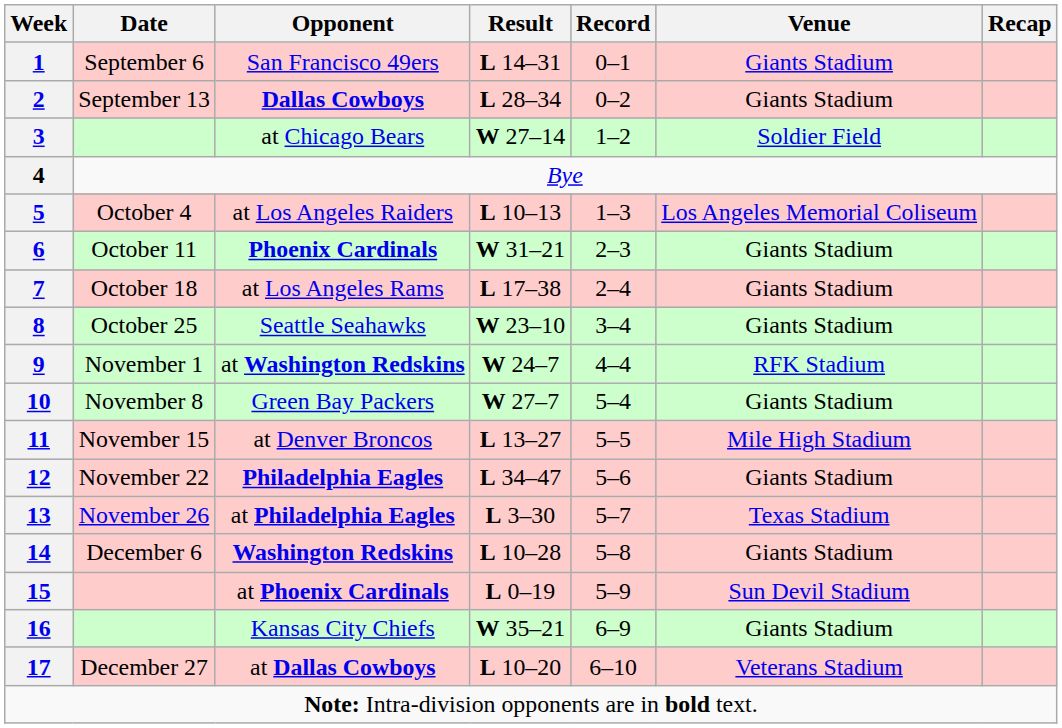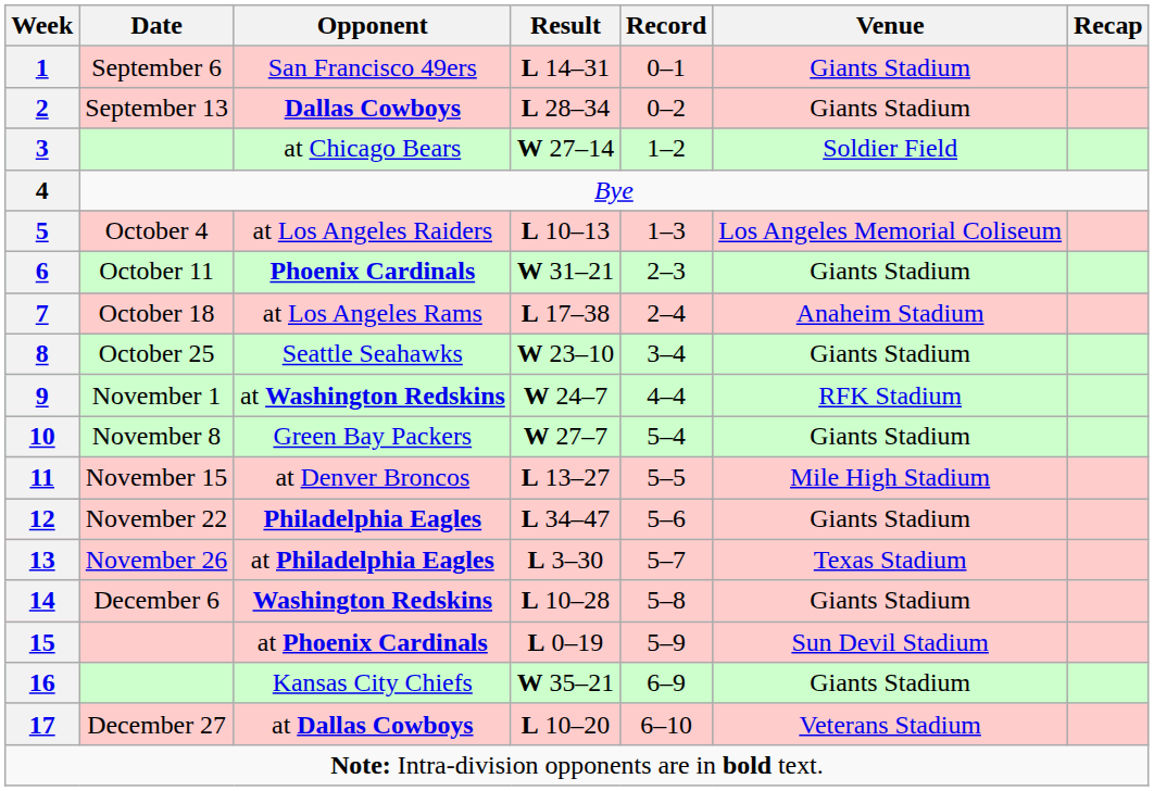 <table class="wikitable" style="text-align:center">
 <tr>
 <th>Week</th>
 <th>Date</th>
 <th>Opponent</th>
 <th>Result</th>
 <th>Record</th>
 <th>Venue</th>
 <th>Recap</th>
 </tr>
 <tr style="background:#fcc">
 <th><a href='#'>1</a></th>
 <td>September 6</td>
 <td><a href='#'>San Francisco 49ers</a></td>
 <td><strong>L</strong> 14–31</td>
 <td>0–1</td>
 <td><a href='#'>Giants Stadium</a></td>
 <td></td>
 </tr>
 <tr style="background:#fcc">
 <th><a href='#'>2</a></th>
 <td>September 13</td>
 <td><strong><a href='#'>Dallas Cowboys</a></strong></td>
 <td><strong>L</strong> 28–34</td>
 <td>0–2</td>
 <td>Giants Stadium</td>
 <td></td>
 </tr>
 <tr style="background:#cfc">
 <th><a href='#'>3</a></th>
 <td></td>
 <td>at <a href='#'>Chicago Bears</a></td>
 <td><strong>W</strong> 27–14</td>
 <td>1–2</td>
 <td><a href='#'>Soldier Field</a></td>
 <td></td>
 </tr>
 <tr>
 <th>4</th>
 <td colspan=6><em><a href='#'>Bye</a></em></td>
 </tr>
 <tr style="background:#fcc">
 <th><a href='#'>5</a></th>
 <td>October 4</td>
 <td>at <a href='#'>Los Angeles Raiders</a></td>
 <td><strong>L</strong> 10–13</td>
 <td>1–3</td>
 <td><a href='#'>Los Angeles Memorial Coliseum</a></td>
 <td></td>
 </tr>
 <tr style="background:#cfc">
 <th><a href='#'>6</a></th>
 <td>October 11</td>
 <td><strong><a href='#'>Phoenix Cardinals</a></strong></td>
 <td><strong>W</strong> 31–21</td>
 <td>2–3</td>
 <td>Giants Stadium</td>
 <td></td>
 </tr>
 <tr style="background:#fcc">
 <th><a href='#'>7</a></th>
 <td>October 18</td>
 <td>at <a href='#'>Los Angeles Rams</a></td>
 <td><strong>L</strong> 17–38</td>
 <td>2–4</td>
-<td>Giants Stadium</td>
+<td><a href='#'>Anaheim Stadium</a></td>
 <td></td>
 </tr>
 <tr style="background:#cfc">
 <th><a href='#'>8</a></th>
 <td>October 25</td>
 <td><a href='#'>Seattle Seahawks</a></td>
 <td><strong>W</strong> 23–10</td>
 <td>3–4</td>
 <td>Giants Stadium</td>
 <td></td>
 </tr>
 <tr style="background:#cfc">
 <th><a href='#'>9</a></th>
 <td>November 1</td>
 <td>at <strong><a href='#'>Washington Redskins</a></strong></td>
 <td><strong>W</strong> 24–7</td>
 <td>4–4</td>
 <td><a href='#'>RFK Stadium</a></td>
 <td></td>
 </tr>
 <tr style="background:#cfc">
 <th><a href='#'>10</a></th>
 <td>November 8</td>
 <td><a href='#'>Green Bay Packers</a></td>
 <td><strong>W</strong> 27–7</td>
 <td>5–4</td>
 <td>Giants Stadium</td>
 <td></td>
 </tr>
 <tr style="background:#fcc">
 <th><a href='#'>11</a></th>
 <td>November 15</td>
 <td>at <a href='#'>Denver Broncos</a></td>
 <td><strong>L</strong> 13–27</td>
 <td>5–5</td>
 <td><a href='#'>Mile High Stadium</a></td>
 <td></td>
 </tr>
 <tr style="background:#fcc">
 <th><a href='#'>12</a></th>
 <td>November 22</td>
 <td><strong><a href='#'>Philadelphia Eagles</a></strong></td>
 <td><strong>L</strong> 34–47</td>
 <td>5–6</td>
 <td>Giants Stadium</td>
 <td></td>
 </tr>
 <tr style="background:#fcc">
 <th><a href='#'>13</a></th>
 <td><a href='#'>November 26</a></td>
 <td>at <strong><a href='#'>Philadelphia Eagles</a></strong></td>
 <td><strong>L</strong> 3–30</td>
 <td>5–7</td>
 <td><a href='#'>Texas Stadium</a></td>
 <td></td>
 </tr>
 <tr style="background:#fcc">
 <th><a href='#'>14</a></th>
 <td>December 6</td>
 <td><strong><a href='#'>Washington Redskins</a></strong></td>
 <td><strong>L</strong> 10–28</td>
 <td>5–8</td>
 <td>Giants Stadium</td>
 <td></td>
 </tr>
 <tr style="background:#fcc">
 <th><a href='#'>15</a></th>
 <td></td>
 <td>at <strong><a href='#'>Phoenix Cardinals</a></strong></td>
 <td><strong>L</strong> 0–19</td>
 <td>5–9</td>
 <td><a href='#'>Sun Devil Stadium</a></td>
 <td></td>
 </tr>
 <tr style="background:#cfc">
 <th><a href='#'>16</a></th>
 <td></td>
 <td><a href='#'>Kansas City Chiefs</a></td>
 <td><strong>W</strong> 35–21</td>
 <td>6–9</td>
 <td>Giants Stadium</td>
 <td></td>
 </tr>
 <tr style="background:#fcc">
 <th><a href='#'>17</a></th>
 <td>December 27</td>
 <td>at <strong><a href='#'>Dallas Cowboys</a></strong></td>
 <td><strong>L</strong> 10–20</td>
 <td>6–10</td>
 <td><a href='#'>Veterans Stadium</a></td>
 <td></td>
 </tr>
 <tr>
 <td colspan="8"><strong>Note:</strong> Intra-division opponents are in <strong>bold</strong> text.</td>
 </tr>
 </table>
